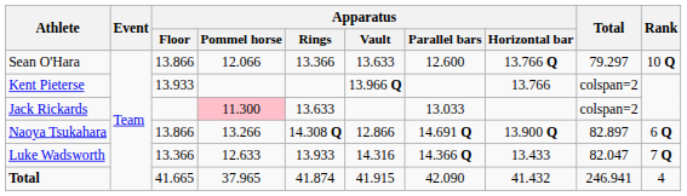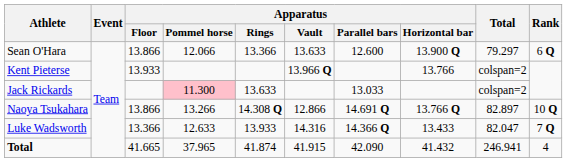 <table class="wikitable" style="font-size:90%">
 <tr>
 <th rowspan=2>Athlete</th>
 <th rowspan=2>Event</th>
 <th colspan=6>Apparatus</th>
 <th rowspan=2>Total</th>
 <th rowspan=2>Rank</th>
 </tr>
 <tr style="font-size:95%">
 <th>Floor</th>
 <th>Pommel horse</th>
 <th>Rings</th>
 <th>Vault</th>
 <th>Parallel bars</th>
 <th>Horizontal bar</th>
 </tr>
 <tr align=center>
 <td align=left>Sean O'Hara</td>
 <td align=left rowspan=6><a href='#'>Team</a></td>
 <td>13.866</td>
 <td>12.066</td>
 <td>13.366</td>
 <td>13.633</td>
 <td>12.600</td>
-<td>13.766 <strong>Q</strong></td>
+<td>13.900 <strong>Q</strong></td>
 <td>79.297</td>
-<td>10 <strong>Q</strong></td>
+<td>6 <strong>Q</strong></td>
 </tr>
 <tr align=center>
 <td align=left><a href='#'>Kent Pieterse</a></td>
 <td>13.933</td>
 <td></td>
 <td></td>
 <td>13.966 <strong>Q</strong></td>
 <td></td>
 <td>13.766</td>
 <td>colspan=2 </td>
 </tr>
 <tr align=center>
 <td align=left><a href='#'>Jack Rickards</a></td>
 <td></td>
 <td style="background: pink;">11.300</td>
 <td>13.633</td>
 <td></td>
 <td>13.033</td>
 <td></td>
 <td>colspan=2 </td>
 </tr>
 <tr align=center>
 <td align=left><a href='#'>Naoya Tsukahara</a></td>
 <td>13.866</td>
 <td>13.266</td>
 <td>14.308 <strong>Q</strong></td>
 <td>12.866</td>
 <td>14.691 <strong>Q</strong></td>
-<td>13.900 <strong>Q</strong></td>
+<td>13.766 <strong>Q</strong></td>
 <td>82.897</td>
-<td>6 <strong>Q</strong></td>
+<td>10 <strong>Q</strong></td>
 </tr>
 <tr align=center>
 <td align=left><a href='#'>Luke Wadsworth</a></td>
 <td>13.366</td>
 <td>12.633</td>
 <td>13.933</td>
 <td>14.316</td>
 <td>14.366 <strong>Q</strong></td>
 <td>13.433</td>
 <td>82.047</td>
 <td>7 <strong>Q</strong></td>
 </tr>
 <tr align=center>
 <td align=left><strong>Total</strong></td>
 <td>41.665</td>
 <td>37.965</td>
 <td>41.874</td>
 <td>41.915</td>
 <td>42.090</td>
 <td>41.432</td>
 <td>246.941</td>
 <td>4</td>
 </tr>
 </table>
